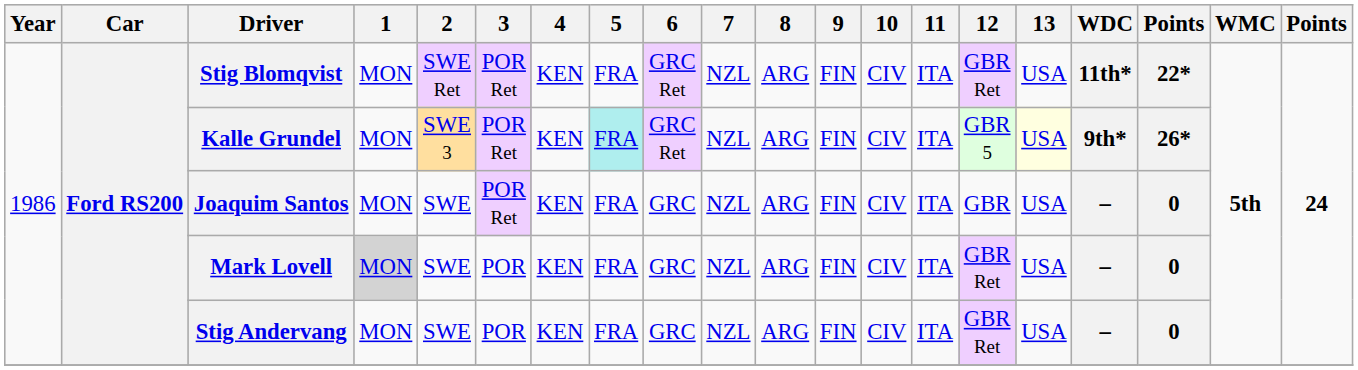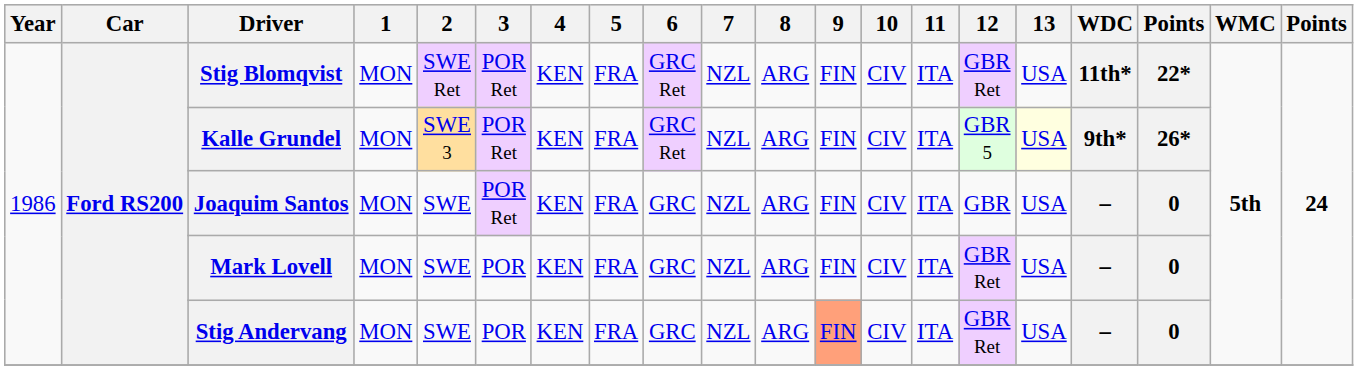 <table class="wikitable" style="text-align:center; font-size:90%">
 <tr>
 <th>Year</th>
 <th>Car</th>
 <th>Driver</th>
 <th>1</th>
 <th>2</th>
 <th>3</th>
 <th>4</th>
 <th>5</th>
 <th>6</th>
 <th>7</th>
 <th>8</th>
 <th>9</th>
 <th>10</th>
 <th>11</th>
 <th>12</th>
 <th>13</th>
 <th>WDC</th>
 <th>Points</th>
 <th>WMC</th>
 <th>Points</th>
 </tr>
 <tr>
 <td rowspan="5"><a href='#'>1986</a></td>
 <th rowspan="5"><a href='#'>Ford RS200</a></th>
 <th> <a href='#'>Stig Blomqvist</a></th>
 <td><a href='#'>MON</a></td>
 <td style="background:#EFCFFF;"><a href='#'>SWE</a><br><small>Ret</small></td>
 <td style="background:#EFCFFF;"><a href='#'>POR</a><br><small>Ret</small></td>
 <td><a href='#'>KEN</a></td>
 <td><a href='#'>FRA</a></td>
 <td style="background:#EFCFFF;"><a href='#'>GRC</a><br><small>Ret</small></td>
 <td><a href='#'>NZL</a></td>
 <td><a href='#'>ARG</a></td>
 <td><a href='#'>FIN</a></td>
 <td><a href='#'>CIV</a></td>
 <td><a href='#'>ITA</a></td>
 <td style="background:#EFCFFF;"><a href='#'>GBR</a><br><small>Ret</small></td>
 <td><a href='#'>USA</a></td>
 <th>11th*</th>
 <th>22*</th>
 <td rowspan="5"><strong>5th</strong></td>
 <td rowspan="5"><strong>24</strong></td>
 </tr>
 <tr>
 <th> <a href='#'>Kalle Grundel</a></th>
 <td><a href='#'>MON</a></td>
 <td style="background:#FFDF9F;"><a href='#'>SWE</a><br><small>3</small></td>
 <td style="background:#EFCFFF;"><a href='#'>POR</a><br><small>Ret</small></td>
 <td><a href='#'>KEN</a></td>
-<td style="background: paleturquoise;"><a href='#'>FRA</a></td>
+<td><a href='#'>FRA</a></td>
 <td style="background:#EFCFFF;"><a href='#'>GRC</a><br><small>Ret</small></td>
 <td><a href='#'>NZL</a></td>
 <td><a href='#'>ARG</a></td>
 <td><a href='#'>FIN</a></td>
 <td><a href='#'>CIV</a></td>
 <td><a href='#'>ITA</a></td>
 <td style="background:#DFFFDF;"><a href='#'>GBR</a><br><small>5</small></td>
 <td style="background: lightyellow;"><a href='#'>USA</a></td>
 <th>9th*</th>
 <th>26*</th>
 </tr>
 <tr>
 <th> <a href='#'>Joaquim Santos</a></th>
 <td><a href='#'>MON</a></td>
 <td><a href='#'>SWE</a></td>
 <td style="background:#EFCFFF;"><a href='#'>POR</a><br><small>Ret</small></td>
 <td><a href='#'>KEN</a></td>
 <td><a href='#'>FRA</a></td>
 <td><a href='#'>GRC</a></td>
 <td><a href='#'>NZL</a></td>
 <td><a href='#'>ARG</a></td>
 <td><a href='#'>FIN</a></td>
 <td><a href='#'>CIV</a></td>
 <td><a href='#'>ITA</a></td>
 <td><a href='#'>GBR</a></td>
 <td><a href='#'>USA</a></td>
 <th>–</th>
 <th>0</th>
 </tr>
 <tr>
 <th> <a href='#'>Mark Lovell</a></th>
-<td style="background: lightgrey;"><a href='#'>MON</a></td>
+<td><a href='#'>MON</a></td>
 <td><a href='#'>SWE</a></td>
 <td><a href='#'>POR</a></td>
 <td><a href='#'>KEN</a></td>
 <td><a href='#'>FRA</a></td>
 <td><a href='#'>GRC</a></td>
 <td><a href='#'>NZL</a></td>
 <td><a href='#'>ARG</a></td>
 <td><a href='#'>FIN</a></td>
 <td><a href='#'>CIV</a></td>
 <td><a href='#'>ITA</a></td>
 <td style="background:#EFCFFF;"><a href='#'>GBR</a><br><small>Ret</small></td>
 <td><a href='#'>USA</a></td>
 <th>–</th>
 <th>0</th>
 </tr>
 <tr>
 <th> <a href='#'>Stig Andervang</a></th>
 <td><a href='#'>MON</a></td>
 <td><a href='#'>SWE</a></td>
 <td><a href='#'>POR</a></td>
 <td><a href='#'>KEN</a></td>
 <td><a href='#'>FRA</a></td>
 <td><a href='#'>GRC</a></td>
 <td><a href='#'>NZL</a></td>
 <td><a href='#'>ARG</a></td>
-<td><a href='#'>FIN</a></td>
+<td style="background: lightsalmon;"><a href='#'>FIN</a></td>
 <td><a href='#'>CIV</a></td>
 <td><a href='#'>ITA</a></td>
 <td style="background:#EFCFFF;"><a href='#'>GBR</a><br><small>Ret</small></td>
 <td><a href='#'>USA</a></td>
 <th>–</th>
 <th>0</th>
 </tr>
 <tr>
 </tr>
 </table>
